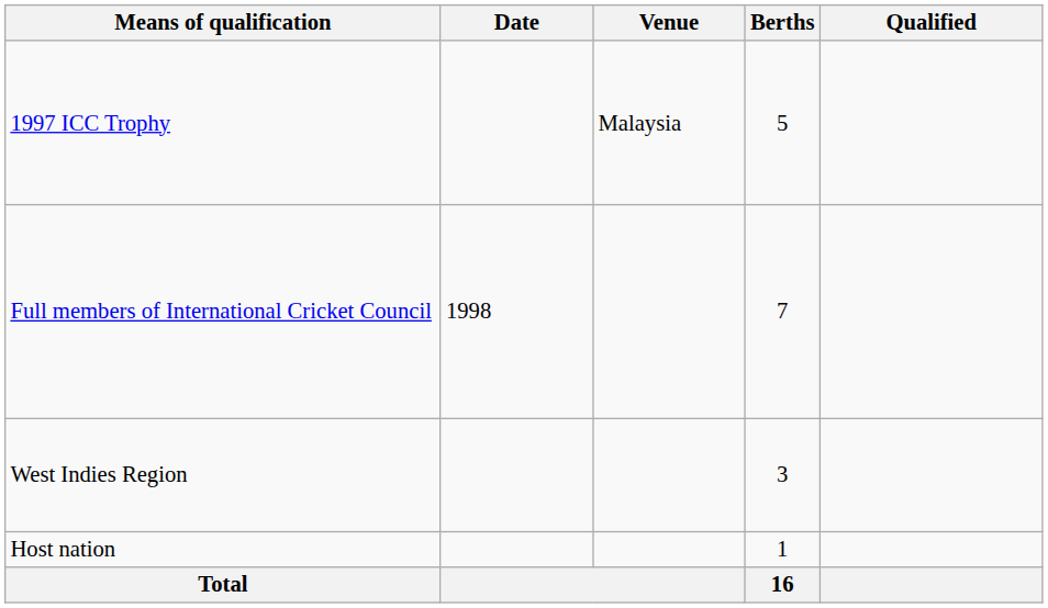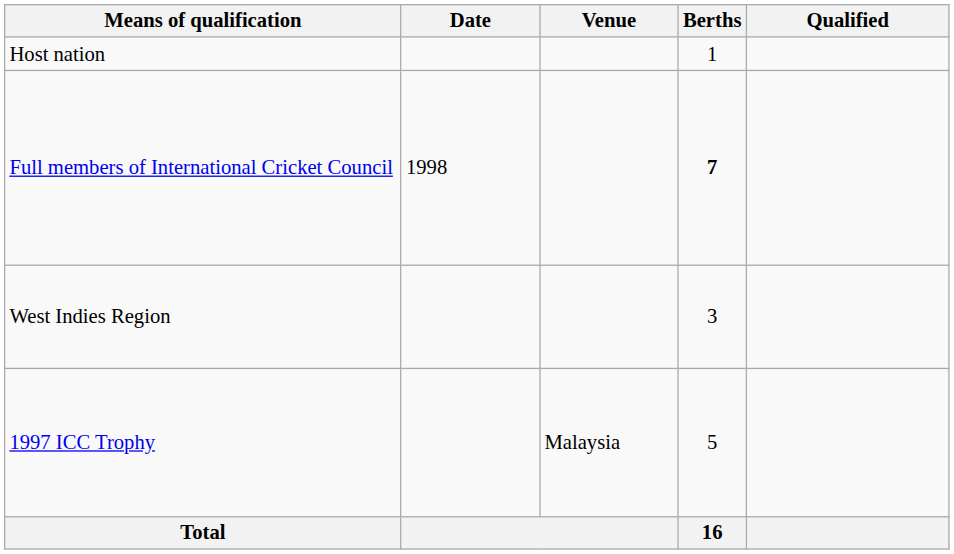 <table class="wikitable">
 <tr>
 <th width=300>Means of qualification</th>
 <th width=100>Date</th>
 <th width=100>Venue</th>
 <th>Berths</th>
 <th width=150>Qualified</th>
 </tr>
 <tr>
-<td><a href='#'>1997 ICC Trophy</a></td>
+<td>Host nation</td>
 <td></td>
-<td> Malaysia</td>
-<td align=center>5</td>
-<td><br><br><br> <br> <br> <br></td>
+<td></td>
+<td align=center>1</td>
+<td></td>
 </tr>
 <tr>
 <td><a href='#'>Full members of International Cricket Council</a></td>
 <td>1998</td>
 <td></td>
-<td align=center>7</td>
+<td align=center><strong>7</strong></td>
 <td><br><br> <br> <br> <br> <br> <br> <br></td>
 </tr>
 <tr>
 <td>West Indies Region</td>
 <td></td>
 <td></td>
 <td align=center>3</td>
 <td><br><br> <br> <br></td>
 </tr>
 <tr>
-<td>Host nation</td>
+<td><a href='#'>1997 ICC Trophy</a></td>
 <td></td>
-<td></td>
-<td align=center>1</td>
-<td></td>
+<td> Malaysia</td>
+<td align=center>5</td>
+<td><br><br><br> <br> <br> <br></td>
 </tr>
 <tr>
 <th>Total</th>
 <th colspan=2></th>
 <th>16</th>
 <th></th>
 </tr>
 </table>
